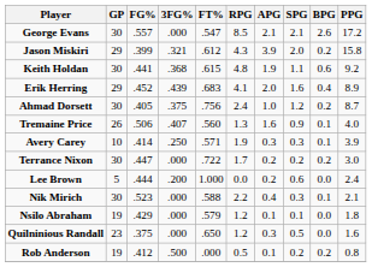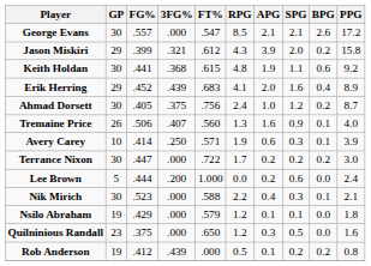 <table class="wikitable sortable" style="font-size: 90%">
 <tr>
 <th>Player</th>
 <th>GP</th>
 <th>FG%</th>
 <th>3FG%</th>
 <th>FT%</th>
 <th>RPG</th>
 <th>APG</th>
 <th>SPG</th>
 <th>BPG</th>
 <th>PPG</th>
 </tr>
 <tr align="center" bgcolor="">
 <td><strong>George Evans</strong></td>
 <td>30</td>
 <td>.557</td>
 <td>.000</td>
 <td>.547</td>
 <td>8.5</td>
 <td>2.1</td>
 <td>2.1</td>
 <td>2.6</td>
 <td>17.2</td>
 </tr>
 <tr align="center" bgcolor="">
 <td><strong>Jason Miskiri</strong></td>
 <td>29</td>
 <td>.399</td>
 <td>.321</td>
 <td>.612</td>
 <td>4.3</td>
 <td>3.9</td>
 <td>2.0</td>
 <td>0.2</td>
 <td>15.8</td>
 </tr>
 <tr align="center" bgcolor="">
 <td><strong>Keith Holdan</strong></td>
 <td>30</td>
 <td>.441</td>
 <td>.368</td>
 <td>.615</td>
 <td>4.8</td>
 <td>1.9</td>
 <td>1.1</td>
 <td>0.6</td>
 <td>9.2</td>
 </tr>
 <tr align="center" bgcolor="">
 <td><strong>Erik Herring</strong></td>
 <td>29</td>
 <td>.452</td>
 <td>.439</td>
 <td>.683</td>
 <td>4.1</td>
 <td>2.0</td>
 <td>1.6</td>
 <td>0.4</td>
 <td>8.9</td>
 </tr>
 <tr align="center" bgcolor="">
 <td><strong>Ahmad Dorsett</strong></td>
 <td>30</td>
 <td>.405</td>
 <td>.375</td>
 <td>.756</td>
 <td>2.4</td>
 <td>1.0</td>
 <td>1.2</td>
 <td>0.2</td>
 <td>8.7</td>
 </tr>
 <tr align="center" bgcolor="">
 <td><strong>Tremaine Price</strong></td>
 <td>26</td>
 <td>.506</td>
 <td>.407</td>
 <td>.560</td>
 <td>1.3</td>
 <td>1.6</td>
 <td>0.9</td>
 <td>0.1</td>
 <td>4.0</td>
 </tr>
 <tr align="center" bgcolor="">
 <td><strong>Avery Carey</strong></td>
 <td>10</td>
 <td>.414</td>
 <td>.250</td>
 <td>.571</td>
 <td>1.9</td>
-<td>0.3</td>
+<td>0.6</td>
 <td>0.3</td>
 <td>0.1</td>
 <td>3.9</td>
 </tr>
 <tr align="center" bgcolor="">
 <td><strong>Terrance Nixon</strong></td>
 <td>30</td>
 <td>.447</td>
 <td>.000</td>
 <td>.722</td>
 <td>1.7</td>
 <td>0.2</td>
 <td>0.2</td>
 <td>0.2</td>
 <td>3.0</td>
 </tr>
 <tr align="center" bgcolor="">
 <td><strong>Lee Brown</strong></td>
 <td>5</td>
 <td>.444</td>
 <td>.200</td>
 <td>1.000</td>
 <td>0.0</td>
 <td>0.2</td>
 <td>0.6</td>
 <td>0.0</td>
 <td>2.4</td>
 </tr>
 <tr align="center" bgcolor="">
 <td><strong>Nik Mirich</strong></td>
 <td>30</td>
 <td>.523</td>
 <td>.000</td>
 <td>.588</td>
 <td>2.2</td>
 <td>0.4</td>
 <td>0.3</td>
 <td>0.1</td>
 <td>2.1</td>
 </tr>
 <tr align="center" bgcolor="">
 <td><strong>Nsilo Abraham</strong></td>
 <td>19</td>
 <td>.429</td>
 <td>.000</td>
 <td>.579</td>
 <td>1.2</td>
 <td>0.1</td>
 <td>0.1</td>
 <td>0.0</td>
 <td>1.8</td>
 </tr>
 <tr align="center" bgcolor="">
 <td><strong>Quilninious Randall</strong></td>
 <td>23</td>
 <td>.375</td>
 <td>.000</td>
 <td>.650</td>
 <td>1.2</td>
 <td>0.3</td>
 <td>0.5</td>
 <td>0.0</td>
 <td>1.6</td>
 </tr>
 <tr align="center" bgcolor="">
 <td><strong>Rob Anderson</strong></td>
 <td>19</td>
 <td>.412</td>
-<td>.500</td>
+<td>.439</td>
 <td>.000</td>
 <td>0.5</td>
 <td>0.1</td>
 <td>0.2</td>
 <td>0.2</td>
 <td>0.8</td>
 </tr>
 <tr align="center" bgcolor="">
 </tr>
 </table>
